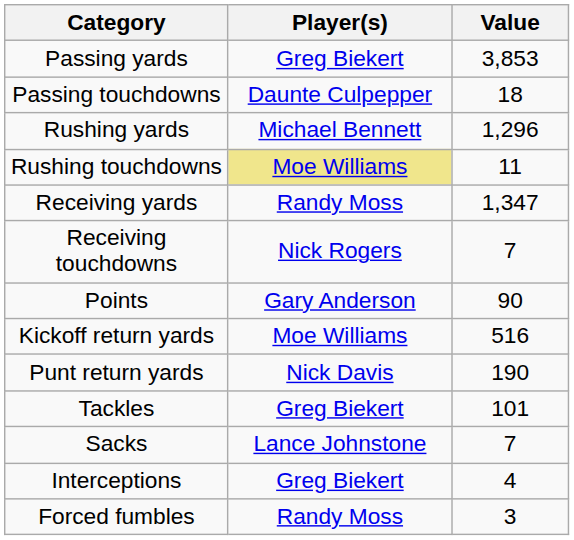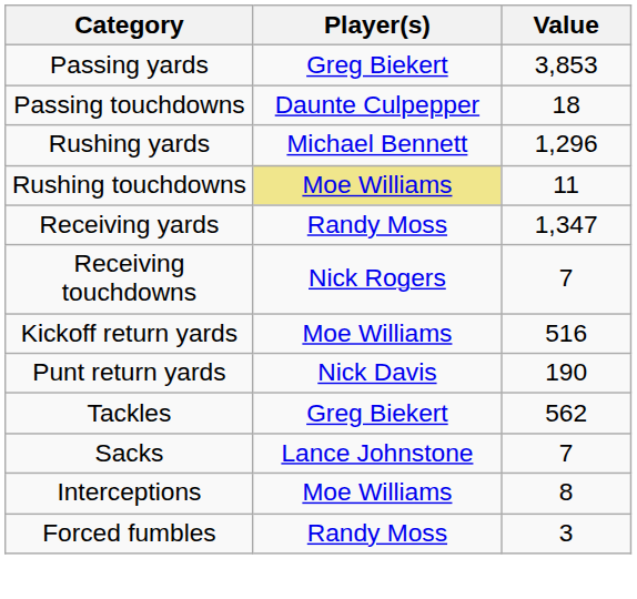 <table class="wikitable" style="text-align:center">
 <tr>
 <th width=150px>Category</th>
 <th width=150px>Player(s)</th>
 <th width=75px>Value</th>
 </tr>
 <tr>
 <td>Passing yards</td>
 <td><a href='#'>Greg Biekert</a></td>
 <td>3,853</td>
 </tr>
 <tr>
 <td>Passing touchdowns</td>
 <td><a href='#'>Daunte Culpepper</a></td>
 <td>18</td>
 </tr>
 <tr>
 <td>Rushing yards</td>
 <td><a href='#'>Michael Bennett</a></td>
 <td>1,296</td>
 </tr>
 <tr>
 <td>Rushing touchdowns</td>
 <td style="background: khaki;"><a href='#'>Moe Williams</a></td>
 <td>11</td>
 </tr>
 <tr>
 <td>Receiving yards</td>
 <td><a href='#'>Randy Moss</a></td>
 <td>1,347</td>
 </tr>
 <tr>
 <td>Receiving touchdowns</td>
 <td><a href='#'>Nick Rogers</a></td>
 <td>7</td>
 </tr>
 <tr>
-<td>Points</td>
-<td><a href='#'>Gary Anderson</a></td>
-<td>90</td>
-</tr>
-<tr>
 <td>Kickoff return yards</td>
 <td><a href='#'>Moe Williams</a></td>
 <td>516</td>
 </tr>
 <tr>
 <td>Punt return yards</td>
 <td><a href='#'>Nick Davis</a></td>
 <td>190</td>
 </tr>
 <tr>
 <td>Tackles</td>
 <td><a href='#'>Greg Biekert</a></td>
-<td>101</td>
+<td>562</td>
 </tr>
 <tr>
 <td>Sacks</td>
 <td><a href='#'>Lance Johnstone</a></td>
 <td>7</td>
 </tr>
 <tr>
 <td>Interceptions</td>
-<td><a href='#'>Greg Biekert</a></td>
-<td>4</td>
+<td><a href='#'>Moe Williams</a></td>
+<td>8</td>
 </tr>
 <tr>
 <td>Forced fumbles</td>
 <td><a href='#'>Randy Moss</a></td>
 <td>3</td>
 </tr>
 </table>
